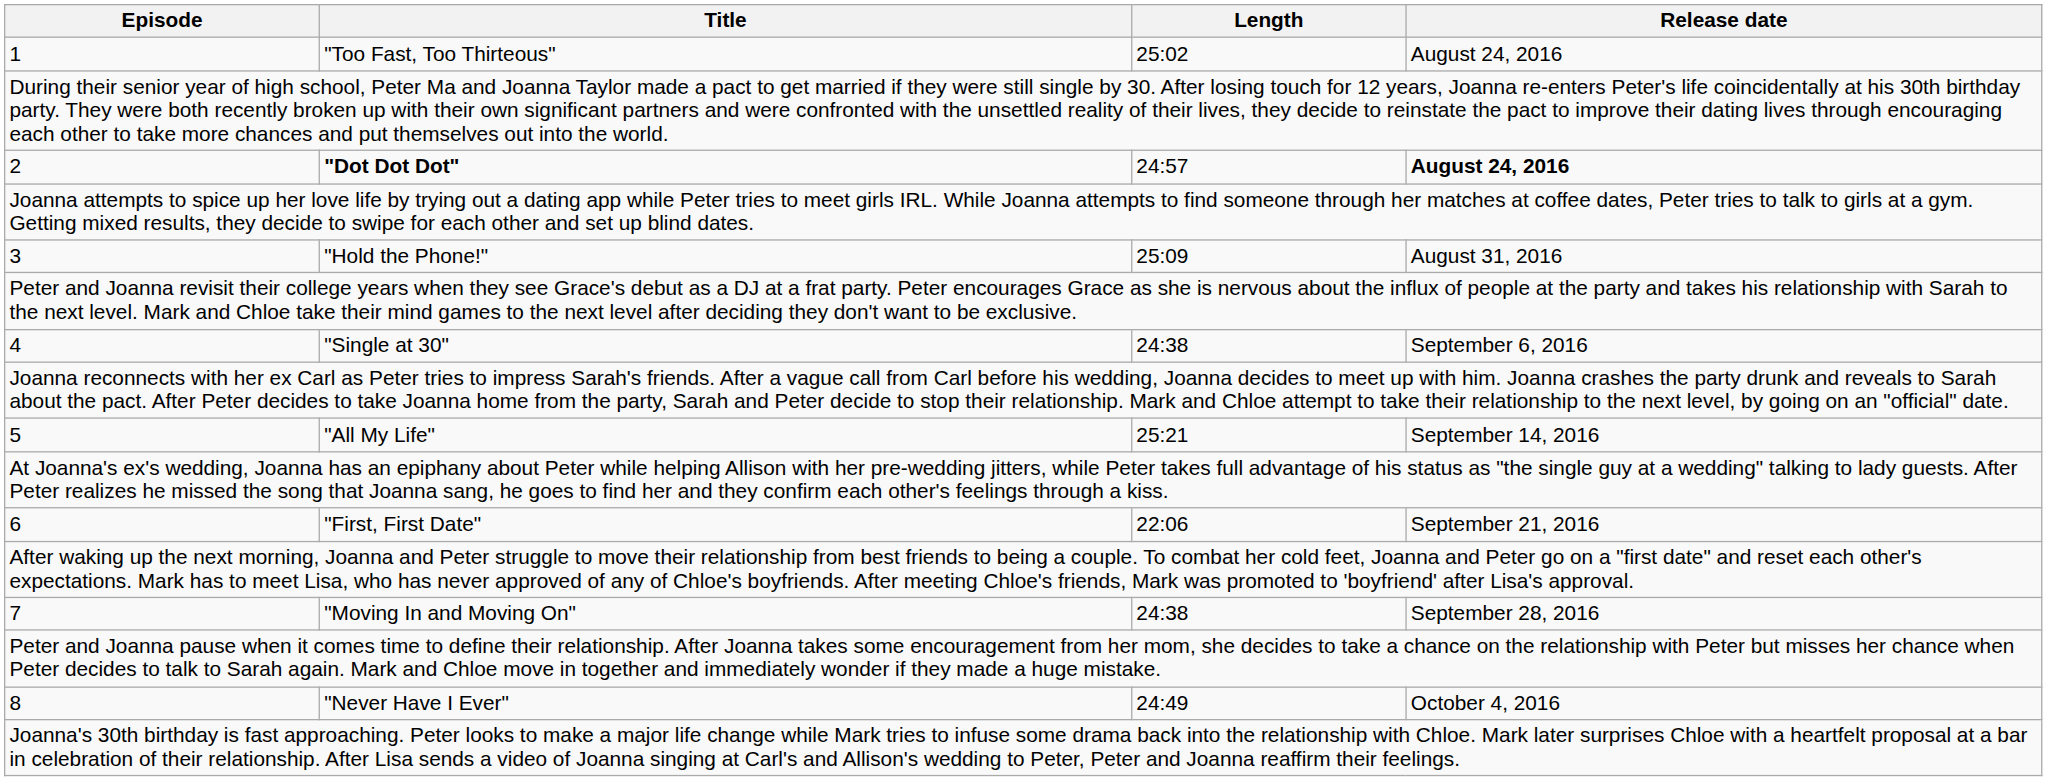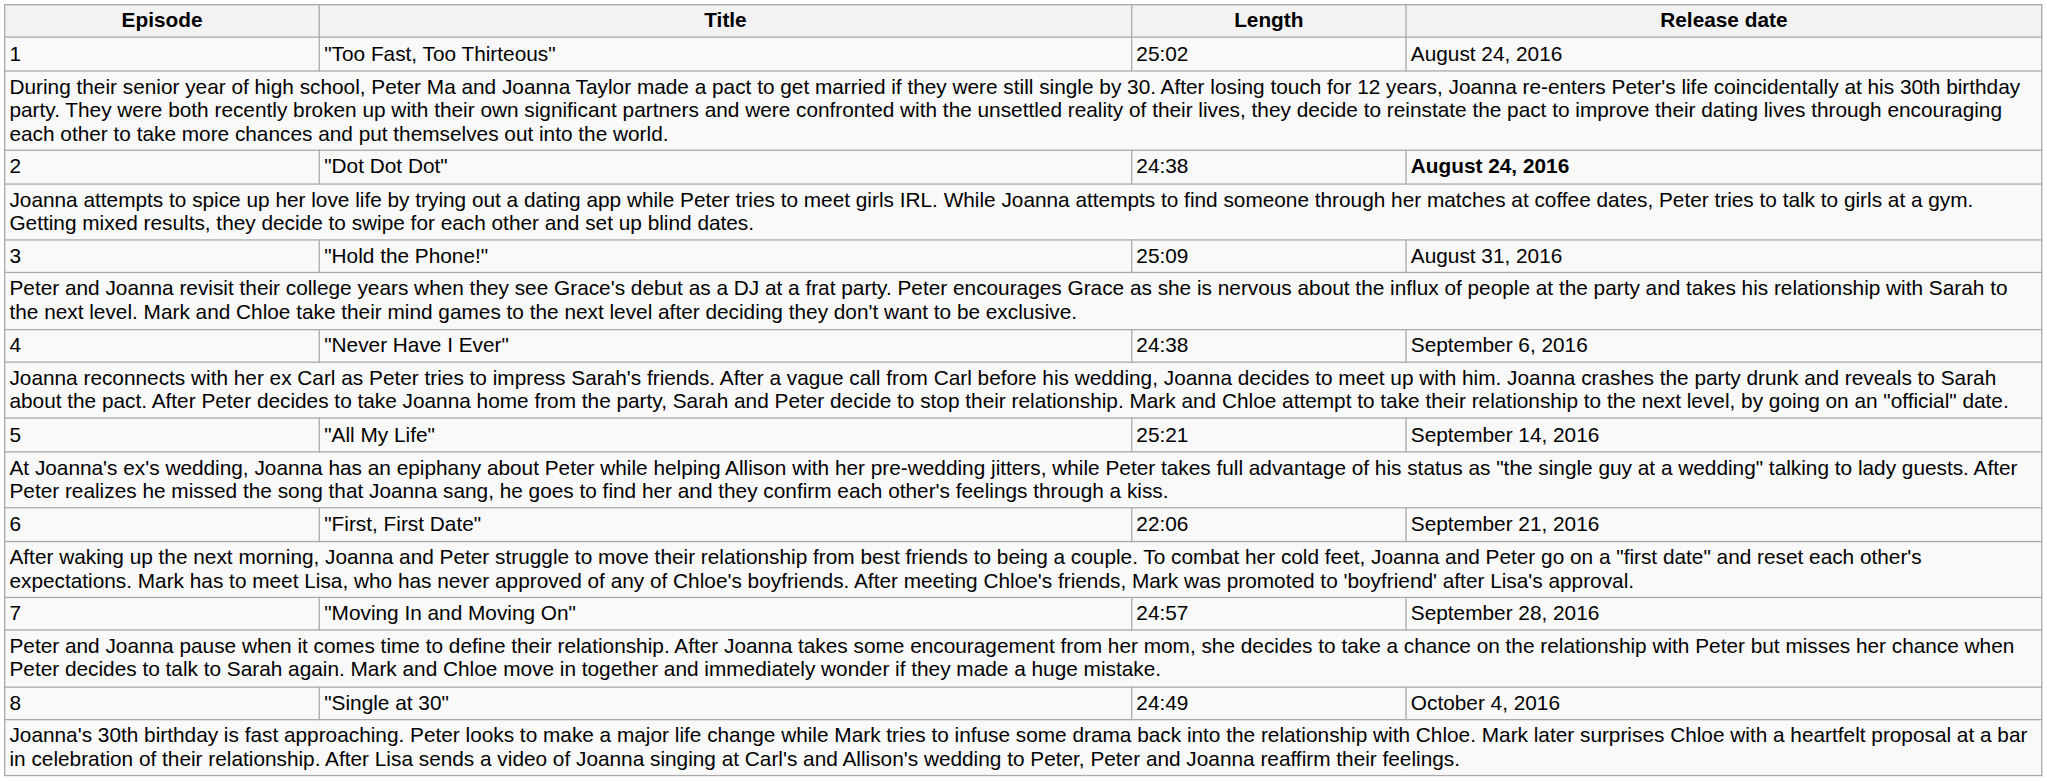 <table class=wikitable align:center>
 <tr>
 <th>Episode</th>
 <th>Title</th>
 <th>Length</th>
 <th>Release date</th>
 </tr>
 <tr>
 <td>1</td>
 <td>"Too Fast, Too Thirteous"</td>
 <td>25:02</td>
 <td>August 24, 2016</td>
 </tr>
 <tr>
 <td colspan="4">During their senior year of high school, Peter Ma and Joanna Taylor made a pact to get married if they were still single by 30. After losing touch for 12 years, Joanna re-enters Peter's life coincidentally at his 30th birthday party. They were both recently broken up with their own significant partners and were confronted with the unsettled reality of their lives, they decide to reinstate the pact to improve their dating lives through encouraging each other to take more chances and put themselves out into the world.</td>
 </tr>
 <tr>
 <td>2</td>
-<td><strong>"Dot Dot Dot"</strong></td>
-<td>24:57</td>
+<td>"Dot Dot Dot"</td>
+<td>24:38</td>
 <td><strong>August 24, 2016</strong></td>
 </tr>
 <tr>
 <td colspan="4">Joanna attempts to spice up her love life by trying out a dating app while Peter tries to meet girls IRL. While Joanna attempts to find someone through her matches at coffee dates, Peter tries to talk to girls at a gym. Getting mixed results, they decide to swipe for each other and set up blind dates.</td>
 </tr>
 <tr>
 <td>3</td>
 <td>"Hold the Phone!"</td>
 <td>25:09</td>
 <td>August 31, 2016</td>
 </tr>
 <tr>
 <td colspan="4">Peter and Joanna revisit their college years when they see Grace's debut as a DJ at a frat party. Peter encourages Grace as she is nervous about the influx of people at the party and takes his relationship with Sarah to the next level. Mark and Chloe take their mind games to the next level after deciding they don't want to be exclusive.</td>
 </tr>
 <tr>
 <td>4</td>
-<td>"Single at 30"</td>
+<td>"Never Have I Ever"</td>
 <td>24:38</td>
 <td>September 6, 2016</td>
 </tr>
 <tr>
 <td colspan="4">Joanna reconnects with her ex Carl as Peter tries to impress Sarah's friends. After a vague call from Carl before his wedding, Joanna decides to meet up with him. Joanna crashes the party drunk and reveals to Sarah about the pact. After Peter decides to take Joanna home from the party, Sarah and Peter decide to stop their relationship. Mark and Chloe attempt to take their relationship to the next level, by going on an "official" date.</td>
 </tr>
 <tr>
 <td>5</td>
 <td>"All My Life"</td>
 <td>25:21</td>
 <td>September 14, 2016</td>
 </tr>
 <tr>
 <td colspan="4">At Joanna's ex's wedding, Joanna has an epiphany about Peter while helping Allison with her pre-wedding jitters, while Peter takes full advantage of his status as "the single guy at a wedding" talking to lady guests. After Peter realizes he missed the song that Joanna sang, he goes to find her and they confirm each other's feelings through a kiss.</td>
 </tr>
 <tr>
 <td>6</td>
 <td>"First, First Date"</td>
 <td>22:06</td>
 <td>September 21, 2016</td>
 </tr>
 <tr>
 <td colspan="4">After waking up the next morning, Joanna and Peter struggle to move their relationship from best friends to being a couple. To combat her cold feet, Joanna and Peter go on a "first date" and reset each other's expectations. Mark has to meet Lisa, who has never approved of any of Chloe's boyfriends. After meeting Chloe's friends, Mark was promoted to 'boyfriend' after Lisa's approval.</td>
 </tr>
 <tr>
 <td>7</td>
 <td>"Moving In and Moving On"</td>
-<td>24:38</td>
+<td>24:57</td>
 <td>September 28, 2016</td>
 </tr>
 <tr>
 <td colspan="4">Peter and Joanna pause when it comes time to define their relationship. After Joanna takes some encouragement from her mom, she decides to take a chance on the relationship with Peter but misses her chance when Peter decides to talk to Sarah again. Mark and Chloe move in together and immediately wonder if they made a huge mistake.</td>
 </tr>
 <tr>
 <td>8</td>
-<td>"Never Have I Ever"</td>
+<td>"Single at 30"</td>
 <td>24:49</td>
 <td>October 4, 2016</td>
 </tr>
 <tr>
 <td colspan="4">Joanna's 30th birthday is fast approaching. Peter looks to make a major life change while Mark tries to infuse some drama back into the relationship with Chloe. Mark later surprises Chloe with a heartfelt proposal at a bar in celebration of their relationship. After Lisa sends a video of Joanna singing at Carl's and Allison's wedding to Peter, Peter and Joanna reaffirm their feelings.</td>
 </tr>
 </table>
